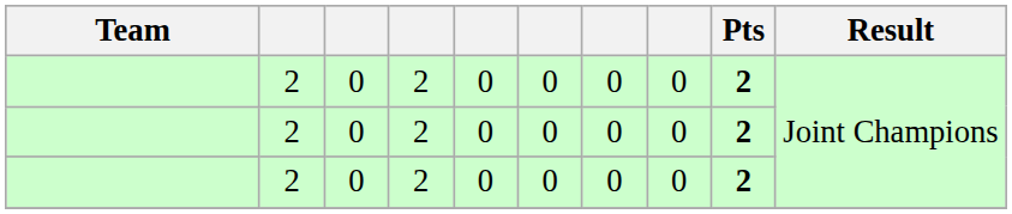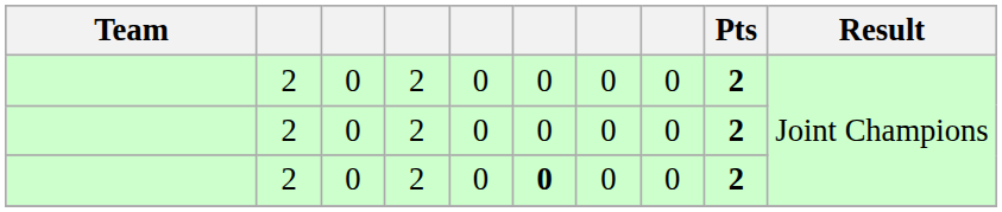 <table class="wikitable" style="text-align:center;">
 <tr>
 <th width=120>Team</th>
 <th width=25></th>
 <th width=25></th>
 <th width=25></th>
 <th width=25></th>
 <th width=25></th>
 <th width=25></th>
 <th width=25></th>
 <th width=25>Pts</th>
 <th>Result</th>
 </tr>
 <tr bgcolor="#ccffcc">
 <td style="text-align:left;"></td>
 <td>2</td>
 <td>0</td>
 <td>2</td>
 <td>0</td>
 <td>0</td>
 <td>0</td>
 <td>0</td>
 <td><strong>2</strong></td>
 <td rowspan="3">Joint Champions</td>
 </tr>
 <tr bgcolor="#ccffcc">
 <td style="text-align:left;"></td>
 <td>2</td>
 <td>0</td>
 <td>2</td>
 <td>0</td>
 <td>0</td>
 <td>0</td>
 <td>0</td>
 <td><strong>2</strong></td>
 </tr>
 <tr bgcolor="#ccffcc">
 <td style="text-align:left;"></td>
 <td>2</td>
 <td>0</td>
 <td>2</td>
 <td>0</td>
-<td>0</td>
+<td><strong>0</strong></td>
 <td>0</td>
 <td>0</td>
 <td><strong>2</strong></td>
 </tr>
 <tr>
 </tr>
 </table>
